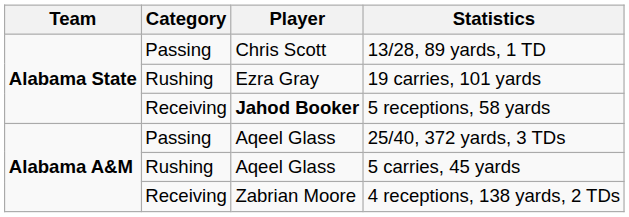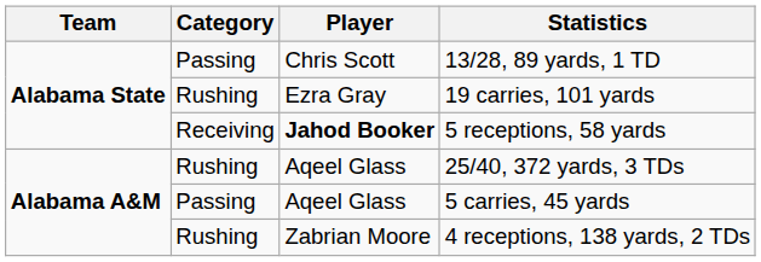 <table class="wikitable" style="float: left;">
 <tr>
 <th>Team</th>
 <th>Category</th>
 <th>Player</th>
 <th>Statistics</th>
 </tr>
 <tr>
 <td rowspan=3><strong>Alabama State</strong></td>
 <td>Passing</td>
 <td>Chris Scott</td>
 <td>13/28, 89 yards, 1 TD</td>
 </tr>
 <tr>
 <td>Rushing</td>
 <td>Ezra Gray</td>
 <td>19 carries, 101 yards</td>
 </tr>
 <tr>
 <td>Receiving</td>
 <td><strong>Jahod Booker</strong></td>
 <td>5 receptions, 58 yards</td>
 </tr>
 <tr>
 <td rowspan=3><strong>Alabama A&M</strong></td>
-<td>Passing</td>
+<td>Rushing</td>
 <td>Aqeel Glass</td>
 <td>25/40, 372 yards, 3 TDs</td>
 </tr>
 <tr>
-<td>Rushing</td>
+<td>Passing</td>
 <td>Aqeel Glass</td>
 <td>5 carries, 45 yards</td>
 </tr>
 <tr>
-<td>Receiving</td>
+<td>Rushing</td>
 <td>Zabrian Moore</td>
 <td>4 receptions, 138 yards, 2 TDs</td>
 </tr>
 </table>
